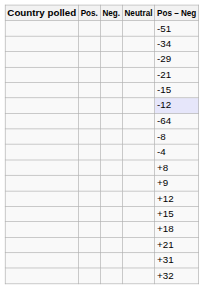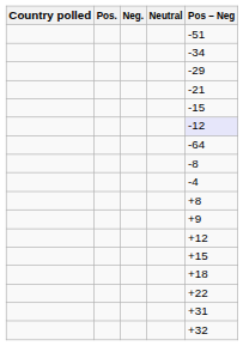 <table class="wikitable sortable floatright" style="border:1px black; float:right; margin-left:1em;">
 <tr>
 <th>Country polled</th>
 <th><small>Pos.</small></th>
 <th><small>Neg.</small></th>
 <th><small>Neutral</small></th>
 <th><small>Pos – Neg</small></th>
 </tr>
 <tr>
 <td></td>
 <td></td>
 <td></td>
 <td></td>
 <td><span>-51</span></td>
 </tr>
 <tr>
 <td></td>
 <td></td>
 <td></td>
 <td></td>
 <td><span>-34</span></td>
 </tr>
 <tr>
 <td></td>
 <td></td>
 <td></td>
 <td></td>
 <td><span>-29</span></td>
 </tr>
 <tr>
 <td></td>
 <td></td>
 <td></td>
 <td></td>
 <td><span>-21</span></td>
 </tr>
 <tr>
 <td></td>
 <td></td>
 <td></td>
 <td></td>
 <td><span>-15</span></td>
 </tr>
 <tr>
 <td></td>
 <td></td>
 <td></td>
 <td></td>
 <td style="background: lavender;"><span>-12</span></td>
 </tr>
 <tr>
 <td></td>
 <td></td>
 <td></td>
 <td></td>
 <td><span>-64</span></td>
 </tr>
 <tr>
 <td></td>
 <td></td>
 <td></td>
 <td></td>
 <td><span>-8</span></td>
 </tr>
 <tr>
 <td></td>
 <td></td>
 <td></td>
 <td></td>
 <td><span>-4</span></td>
 </tr>
 <tr>
 <td></td>
 <td></td>
 <td></td>
 <td></td>
 <td><span>+8</span></td>
 </tr>
 <tr>
 <td></td>
 <td></td>
 <td></td>
 <td></td>
 <td><span>+9</span></td>
 </tr>
 <tr>
 <td></td>
 <td></td>
 <td></td>
 <td></td>
 <td><span>+12</span></td>
 </tr>
 <tr>
 <td></td>
 <td></td>
 <td></td>
 <td></td>
 <td><span>+15</span></td>
 </tr>
 <tr>
 <td></td>
 <td></td>
 <td></td>
 <td></td>
 <td><span>+18</span></td>
 </tr>
 <tr>
 <td></td>
 <td></td>
 <td></td>
 <td></td>
-<td><span>+21</span></td>
+<td><span>+22</span></td>
 </tr>
 <tr>
 <td></td>
 <td></td>
 <td></td>
 <td></td>
 <td><span>+31</span></td>
 </tr>
 <tr>
 <td></td>
 <td></td>
 <td></td>
 <td></td>
 <td><span>+32</span></td>
 </tr>
 </table>
